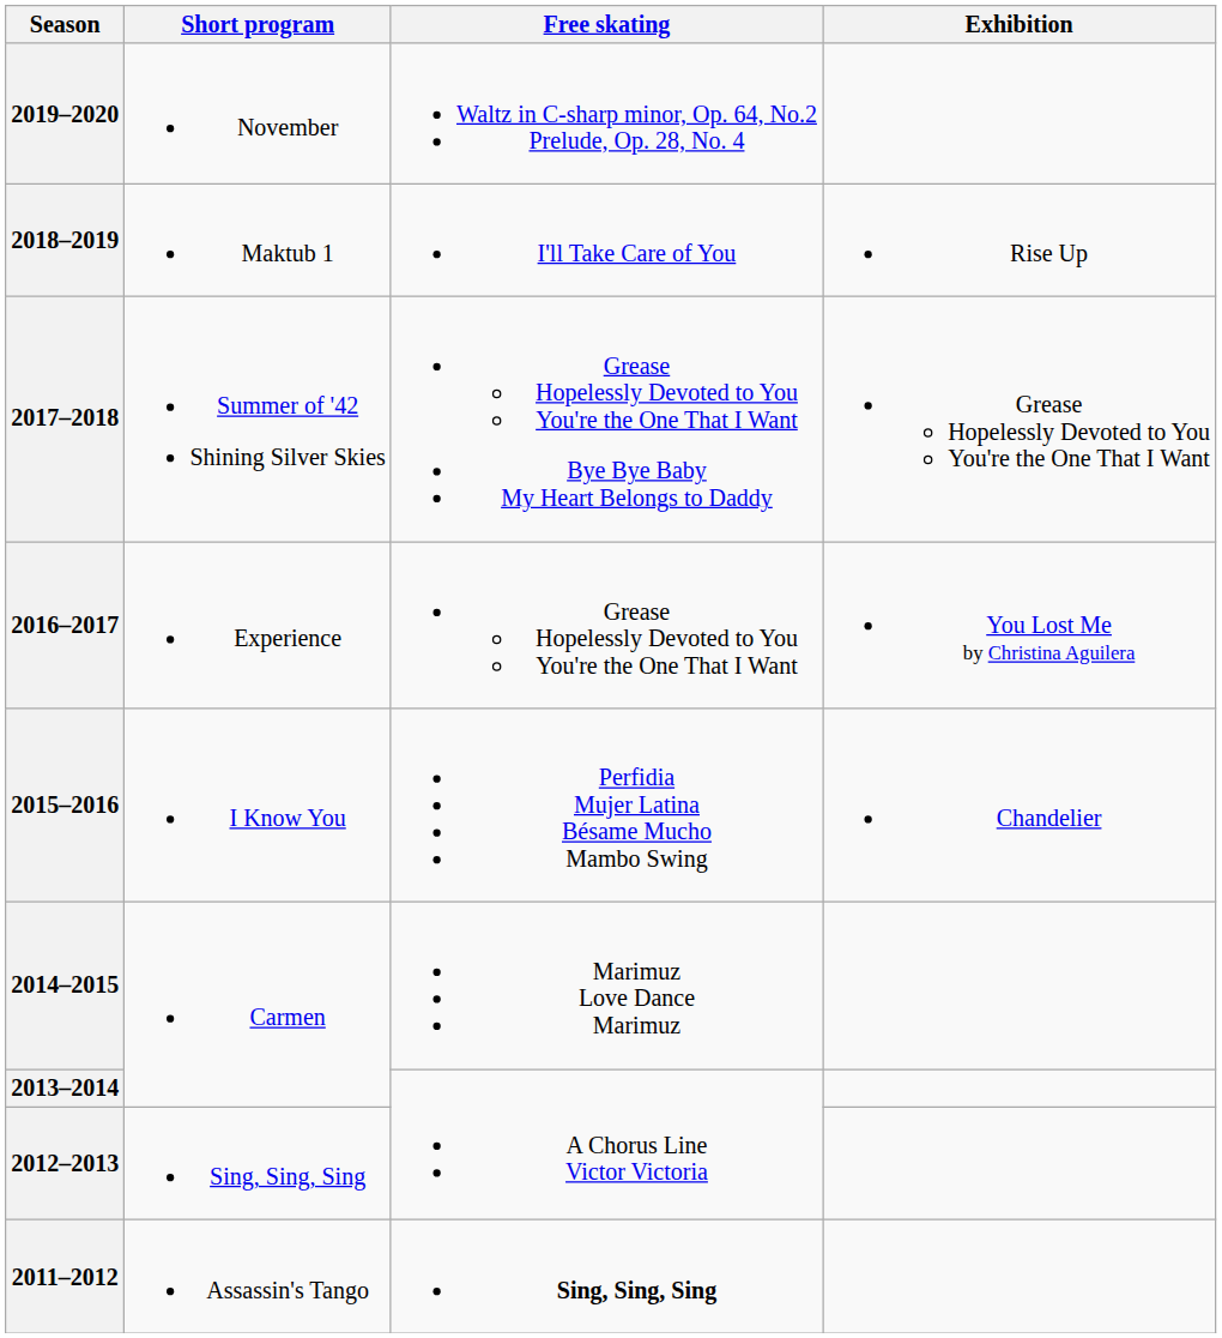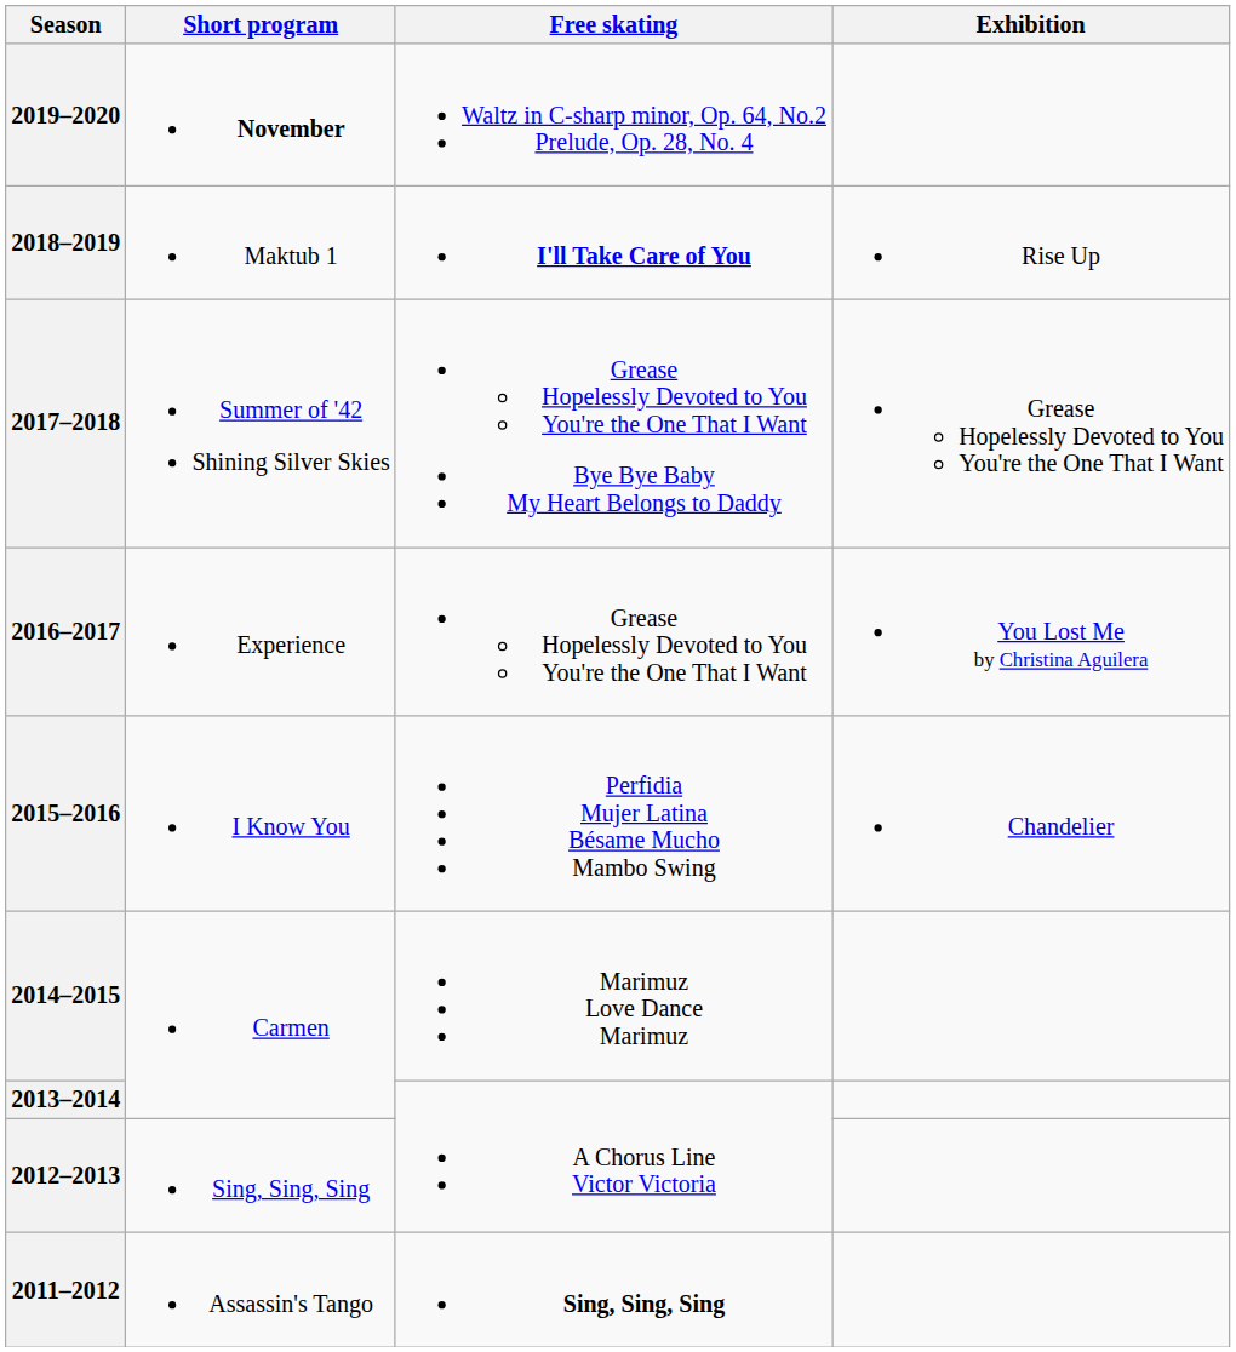 <table class=wikitable style=text-align:center>
 <tr>
 <th>Season</th>
 <th><a href='#'>Short program</a></th>
 <th><a href='#'>Free skating</a></th>
 <th>Exhibition</th>
 </tr>
 <tr>
 <th>2019–2020</th>
-<td><br><ul><li>November <br> </li></ul></td>
+<td><strong><br><ul><li>November <br> </li></ul></strong></td>
 <td><br><ul><li><a href='#'>Waltz in C-sharp minor, Op. 64, No.2</a></li><li><a href='#'>Prelude, Op. 28, No. 4</a> <br> </li></ul></td>
 <td></td>
 </tr>
 <tr>
 <th>2018–2019 <br> </th>
 <td><br><ul><li>Maktub 1 <br> </li></ul></td>
-<td><br><ul><li><a href='#'>I'll Take Care of You</a> <br></li></ul></td>
+<td><strong><br><ul><li><a href='#'>I'll Take Care of You</a> <br></li></ul></strong></td>
 <td><br><ul><li>Rise Up <br> </li></ul></td>
 </tr>
 <tr>
 <th>2017–2018 <br> </th>
 <td><br><ul><li><a href='#'>Summer of '42</a> <br></li></ul><ul><li>Shining Silver Skies <br></li></ul></td>
 <td><br><ul><li><a href='#'>Grease</a><ul><li><a href='#'>Hopelessly Devoted to You</a></li><li><a href='#'>You're the One That I Want</a> <br></li></ul></li></ul><ul><li><a href='#'>Bye Bye Baby</a></li><li><a href='#'>My Heart Belongs to Daddy</a> <br></li></ul></td>
 <td><br><ul><li>Grease<ul><li>Hopelessly Devoted to You</li><li>You're the One That I Want <br></li></ul></li></ul></td>
 </tr>
 <tr>
 <th>2016–2017 <br> </th>
 <td><br><ul><li>Experience <br></li></ul></td>
 <td><br><ul><li>Grease<ul><li>Hopelessly Devoted to You</li><li>You're the One That I Want <br></li></ul></li></ul></td>
 <td><br><ul><li><a href='#'>You Lost Me</a><br><small>by <a href='#'>Christina Aguilera</a></small></li></ul></td>
 </tr>
 <tr>
 <th>2015–2016 <br> </th>
 <td><br><ul><li><a href='#'>I Know You</a> <br></li></ul></td>
 <td><br><ul><li><a href='#'>Perfidia</a> <br></li><li><a href='#'>Mujer Latina</a></li><li><a href='#'>Bésame Mucho</a></li><li>Mambo Swing <br></li></ul></td>
 <td><br><ul><li><a href='#'>Chandelier</a> <br></li></ul></td>
 </tr>
 <tr>
 <th>2014–2015 <br> </th>
 <td rowspan=2><br><ul><li><a href='#'>Carmen</a> <br></li></ul></td>
 <td><br><ul><li>Marimuz</li><li>Love Dance</li><li>Marimuz</li></ul></td>
 <td></td>
 </tr>
 <tr>
 <th>2013–2014 <br> </th>
 <td rowspan=2><br><ul><li>A Chorus Line <br></li><li><a href='#'>Victor Victoria</a> <br></li></ul></td>
 <td></td>
 </tr>
 <tr>
 <th>2012–2013 <br> </th>
 <td><br><ul><li><a href='#'>Sing, Sing, Sing</a> <br></li></ul></td>
 <td></td>
 </tr>
 <tr>
 <th>2011–2012 <br> </th>
 <td><br><ul><li>Assassin's Tango <br></li></ul></td>
 <td><strong><br><ul><li>Sing, Sing, Sing <br></li></ul></strong></td>
 <td></td>
 </tr>
 </table>
